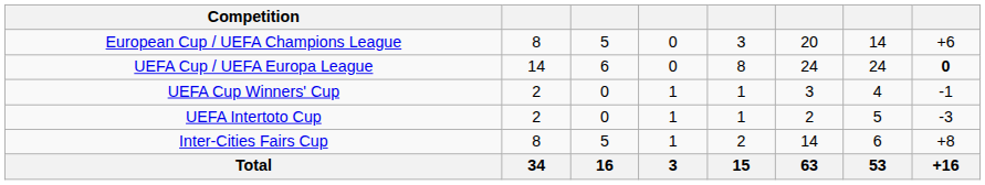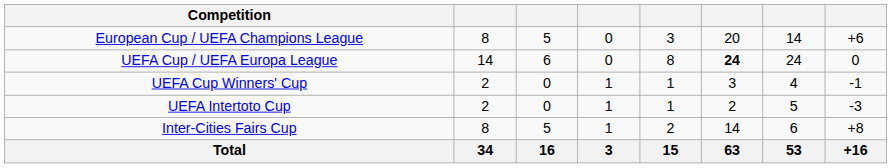 <table class="wikitable" style="text-align:center" width="50%">
 <tr>
 <th>Competition</th>
 <th></th>
 <th></th>
 <th></th>
 <th></th>
 <th></th>
 <th></th>
 <th></th>
 </tr>
 <tr>
 <td><a href='#'>European Cup / UEFA Champions League</a></td>
 <td width="7%">8</td>
 <td width="7%">5</td>
 <td width="7%">0</td>
 <td width="7%">3</td>
 <td width="7%">20</td>
 <td width="7%">14</td>
 <td width="7%">+6</td>
 </tr>
 <tr>
 <td><a href='#'>UEFA Cup / UEFA Europa League</a></td>
 <td>14</td>
 <td>6</td>
 <td>0</td>
 <td>8</td>
+<td><strong>24</strong></td>
 <td>24</td>
-<td>24</td>
-<td><strong>0</strong></td>
+<td>0</td>
 </tr>
 <tr>
 <td><a href='#'>UEFA Cup Winners' Cup</a></td>
 <td>2</td>
 <td>0</td>
 <td>1</td>
 <td>1</td>
 <td>3</td>
 <td>4</td>
 <td>-1</td>
 </tr>
 <tr>
 <td><a href='#'>UEFA Intertoto Cup</a></td>
 <td>2</td>
 <td>0</td>
 <td>1</td>
 <td>1</td>
 <td>2</td>
 <td>5</td>
 <td>-3</td>
 </tr>
 <tr>
 <td><a href='#'>Inter-Cities Fairs Cup</a></td>
 <td>8</td>
 <td>5</td>
 <td>1</td>
 <td>2</td>
 <td>14</td>
 <td>6</td>
 <td>+8</td>
 </tr>
 <tr>
 <th>Total</th>
 <th>34</th>
 <th>16</th>
 <th>3</th>
 <th>15</th>
 <th>63</th>
 <th>53</th>
 <th>+16</th>
 </tr>
 </table>
